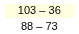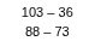 <table style="text-align:center;">
 <tr>
 <th width=200></th>
 <th width=100></th>
 <th width=200></th>
 <th></th>
 </tr>
 <tr>
 <td align=right><strong></strong></td>
-<td style="background: lightyellow;">103 – 36</td>
+<td>103 – 36</td>
 <td align=left></td>
 </tr>
 <tr>
 <td align=right><strong></strong></td>
 <td>88 – 73</td>
 <td align=left></td>
 </tr>
 </table>
